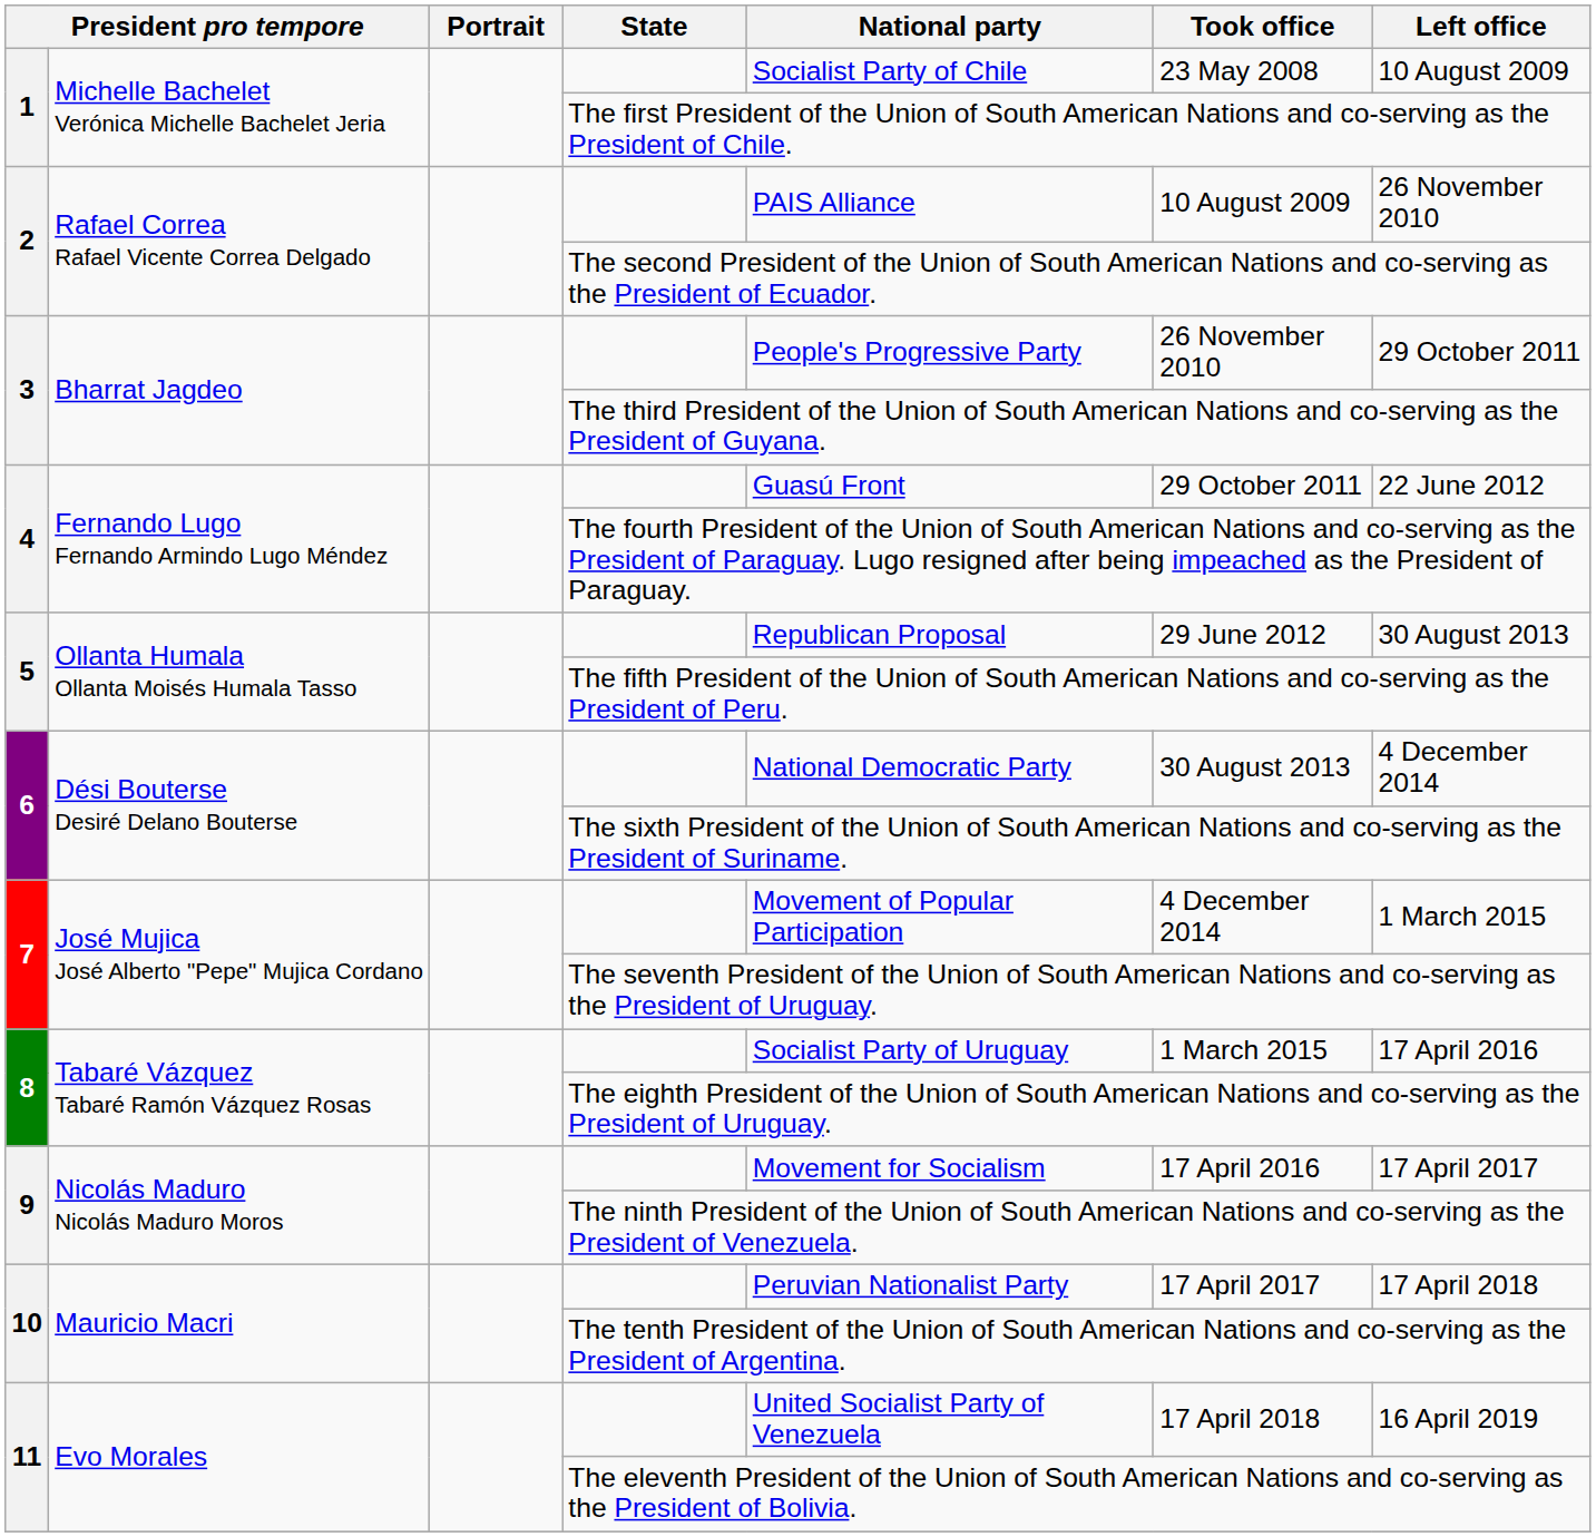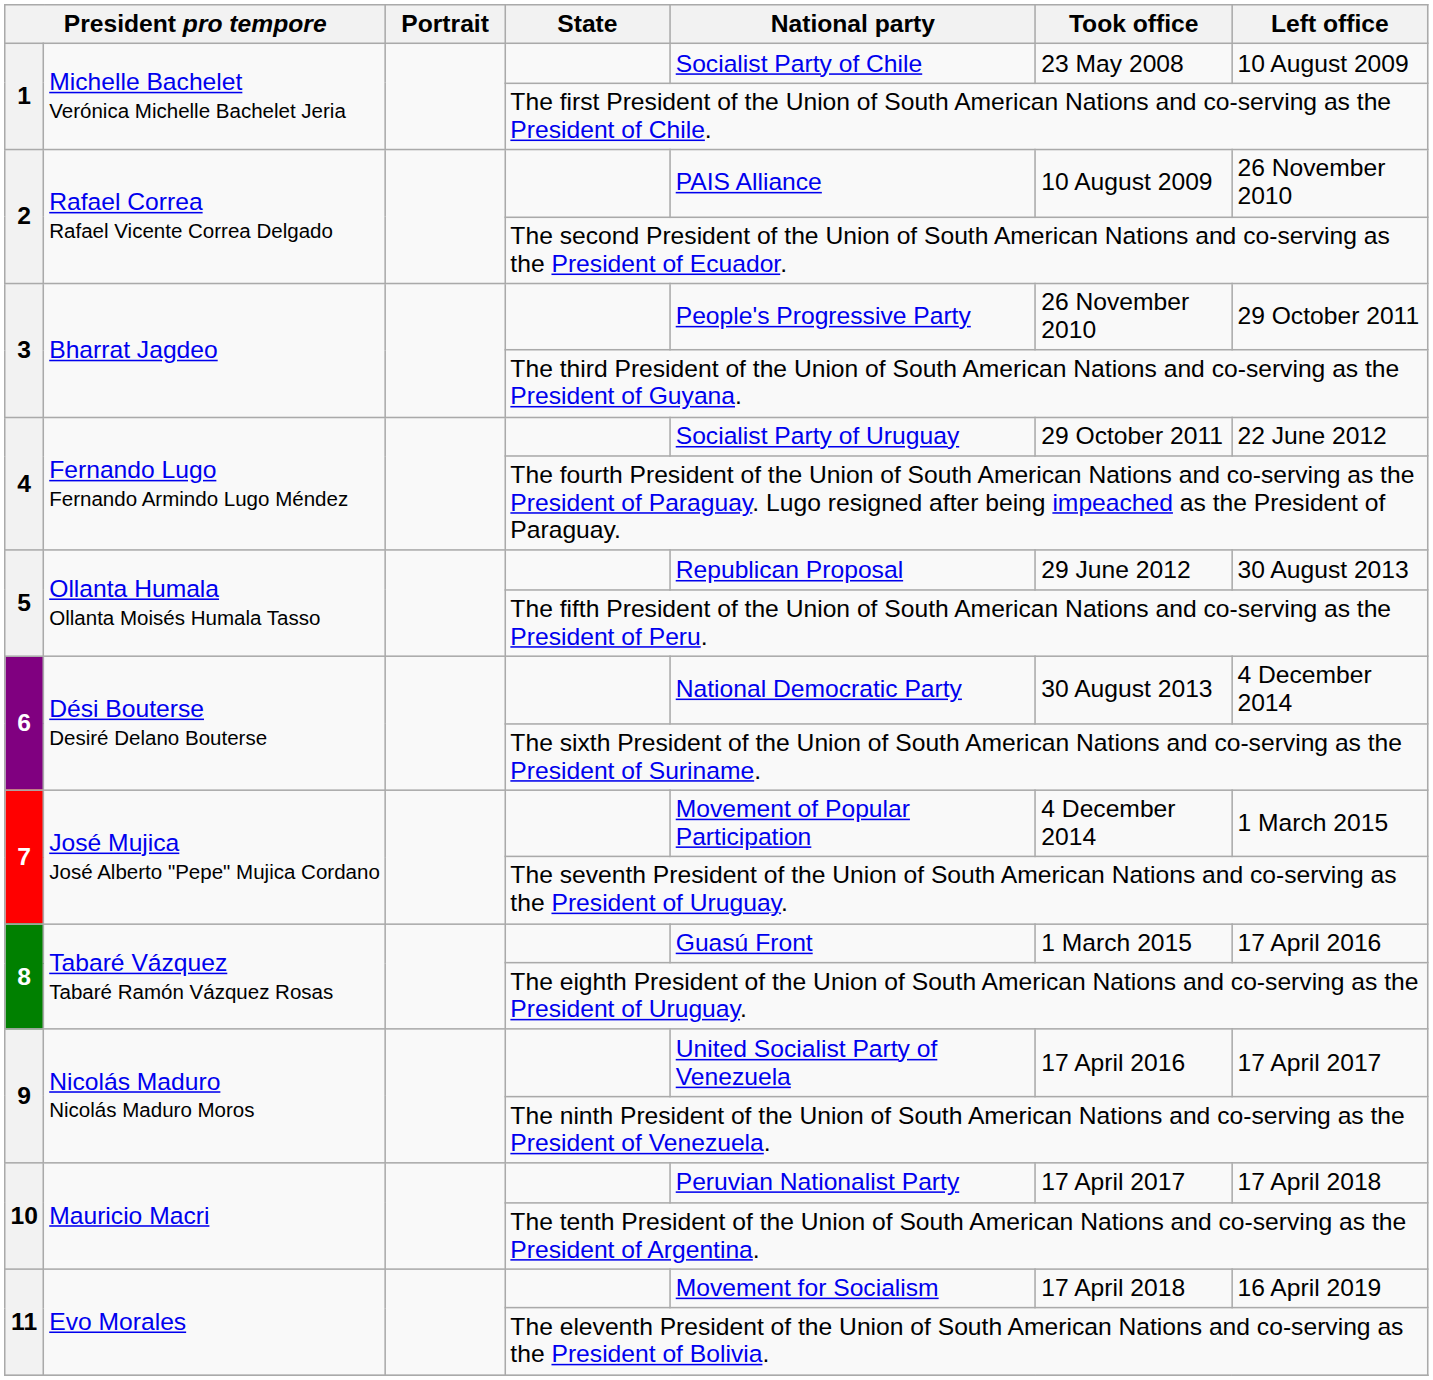 <table class="wikitable">
 <tr>
 <th colspan=2>President <em>pro tempore</em></th>
 <th width=70px>Portrait</th>
 <th width=100px>State</th>
 <th width=230px>National party</th>
 <th width=120px>Took office</th>
 <th width=120px>Left office</th>
 </tr>
 <tr>
 <th rowspan=2 width=10px style="background-color: ">1</th>
 <td rowspan=2><a href='#'>Michelle Bachelet</a><br><small>Verónica Michelle Bachelet Jeria</small></td>
 <td rowspan=2></td>
 <td></td>
 <td><a href='#'>Socialist Party of Chile</a></td>
 <td>23 May 2008</td>
 <td>10 August 2009</td>
 </tr>
 <tr>
 <td colspan="5">The first President of the Union of South American Nations and co-serving as the <a href='#'>President of Chile</a>.</td>
 </tr>
 <tr>
 <th rowspan=2 width=10px style="background-color: ">2</th>
 <td rowspan=2><a href='#'>Rafael Correa</a><br><small>Rafael Vicente Correa Delgado</small></td>
 <td rowspan=2></td>
 <td></td>
 <td><a href='#'>PAIS Alliance</a></td>
 <td>10 August 2009</td>
 <td>26 November 2010</td>
 </tr>
 <tr>
 <td colspan="5">The second President of the Union of South American Nations and co-serving as the <a href='#'>President of Ecuador</a>.</td>
 </tr>
 <tr>
 <th rowspan=2 width=10px style="background-color: ">3</th>
 <td rowspan=2><a href='#'>Bharrat Jagdeo</a></td>
 <td rowspan=2></td>
 <td></td>
 <td><a href='#'>People's Progressive Party</a></td>
 <td>26 November 2010</td>
 <td>29 October 2011</td>
 </tr>
 <tr>
 <td colspan="5">The third President of the Union of South American Nations and co-serving as the <a href='#'>President of Guyana</a>.</td>
 </tr>
 <tr>
 <th rowspan=2 width=10px style="background-color: ">4</th>
 <td rowspan=2><a href='#'>Fernando Lugo</a><br><small>Fernando Armindo Lugo Méndez</small></td>
 <td rowspan=2></td>
 <td></td>
-<td><a href='#'>Guasú Front</a></td>
+<td><a href='#'>Socialist Party of Uruguay</a></td>
 <td>29 October 2011</td>
 <td>22 June 2012</td>
 </tr>
 <tr>
 <td colspan="5">The fourth President of the Union of South American Nations and co-serving as the <a href='#'>President of Paraguay</a>. Lugo resigned after being <a href='#'>impeached</a> as the President of Paraguay.</td>
 </tr>
 <tr>
 <th rowspan=2 width=10px style="background-color: ">5</th>
 <td rowspan=2><a href='#'>Ollanta Humala</a><br><small>Ollanta Moisés Humala Tasso</small></td>
 <td rowspan=2></td>
 <td></td>
 <td><a href='#'>Republican Proposal</a></td>
 <td>29 June 2012</td>
 <td>30 August 2013</td>
 </tr>
 <tr>
 <td colspan="5">The fifth President of the Union of South American Nations and co-serving as the <a href='#'>President of Peru</a>.</td>
 </tr>
 <tr>
 <th rowspan=2 width=10px style="background-color: purple; color:white">6</th>
 <td rowspan=2><a href='#'>Dési Bouterse</a><br><small>Desiré Delano Bouterse</small></td>
 <td rowspan=2></td>
 <td></td>
 <td><a href='#'>National Democratic Party</a></td>
 <td>30 August 2013</td>
 <td>4 December 2014</td>
 </tr>
 <tr>
 <td colspan="6">The sixth President of the Union of South American Nations and co-serving as the <a href='#'>President of Suriname</a>.</td>
 </tr>
 <tr>
 <th rowspan=2 width=10px style="background-color: red; color:white">7</th>
 <td rowspan=2><a href='#'>José Mujica</a><br><small>José Alberto "Pepe" Mujica Cordano </small></td>
 <td rowspan=2></td>
 <td></td>
 <td><a href='#'>Movement of Popular Participation</a></td>
 <td>4 December 2014</td>
 <td>1 March 2015</td>
 </tr>
 <tr>
 <td colspan="5">The seventh President of the Union of South American Nations and co-serving as the <a href='#'>President of Uruguay</a>.</td>
 </tr>
 <tr>
 <th rowspan=2 width=10px style="background-color: green; color:white">8</th>
 <td rowspan=2><a href='#'>Tabaré Vázquez</a><br><small>Tabaré Ramón Vázquez Rosas </small></td>
 <td rowspan=2></td>
 <td></td>
-<td><a href='#'>Socialist Party of Uruguay</a></td>
+<td><a href='#'>Guasú Front</a></td>
 <td>1 March 2015</td>
 <td>17 April 2016</td>
 </tr>
 <tr>
 <td colspan="5">The eighth President of the Union of South American Nations and co-serving as the <a href='#'>President of Uruguay</a>.</td>
 </tr>
 <tr>
 <th rowspan=2 width=10px style="background-color: ">9</th>
 <td rowspan=2><a href='#'>Nicolás Maduro</a><br><small>Nicolás Maduro Moros </small></td>
 <td rowspan=2></td>
 <td></td>
-<td><a href='#'>Movement for Socialism</a></td>
+<td><a href='#'>United Socialist Party of Venezuela</a></td>
 <td>17 April 2016</td>
 <td>17 April 2017</td>
 </tr>
 <tr>
 <td colspan="5">The ninth President of the Union of South American Nations and co-serving as the <a href='#'>President of Venezuela</a>.</td>
 </tr>
 <tr>
 <th rowspan=2 width=10px style="background-color: ">10</th>
 <td rowspan=2><a href='#'>Mauricio Macri</a></td>
 <td rowspan=2></td>
 <td></td>
 <td><a href='#'>Peruvian Nationalist Party</a></td>
 <td>17 April 2017</td>
 <td>17 April 2018</td>
 </tr>
 <tr>
 <td colspan="5">The tenth President of the Union of South American Nations and co-serving as the <a href='#'>President of Argentina</a>.</td>
 </tr>
 <tr>
 <th rowspan=2 width=10px style="background-color: ">11</th>
 <td rowspan=2><a href='#'>Evo Morales</a></td>
 <td rowspan=2></td>
 <td></td>
-<td><a href='#'>United Socialist Party of Venezuela</a></td>
+<td><a href='#'>Movement for Socialism</a></td>
 <td>17 April 2018</td>
 <td>16 April 2019</td>
 </tr>
 <tr>
 <td colspan="5">The eleventh President of the Union of South American Nations and co-serving as the <a href='#'>President of Bolivia</a>.</td>
 </tr>
 <tr>
 </tr>
 </table>
